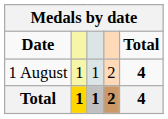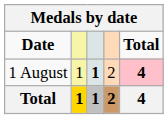 <table class="wikitable" style="font-size:85%">
 <tr bgcolor="#efefef">
 <th colspan=6>Medals by date</th>
 </tr>
 <tr align=center>
 <td><strong>Date</strong></td>
 <td bgcolor=#f7f6a8></td>
 <td bgcolor=#dce5e5></td>
 <td bgcolor=#ffdab9></td>
 <td><strong>Total</strong></td>
 </tr>
 <tr align=center>
 <td>1 August</td>
 <td style="background:#F7F6A8;">1</td>
-<td style="background:#DCE5E5;">1</td>
+<td style="background:#DCE5E5;"><strong>1</strong></td>
 <td style="background:#FFDAB9;">2</td>
-<td><strong>4</strong></td>
+<td style="background: pink;"><strong>4</strong></td>
 </tr>
 <tr align=center>
 <th><strong>Total</strong></th>
 <th style="background:gold;"><strong>1</strong></th>
 <th style="background:silver;"><strong>1</strong></th>
 <th style="background:#c96;"><strong>2</strong></th>
 <th>4</th>
 </tr>
 </table>
